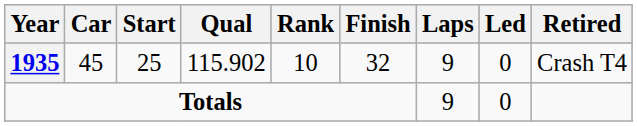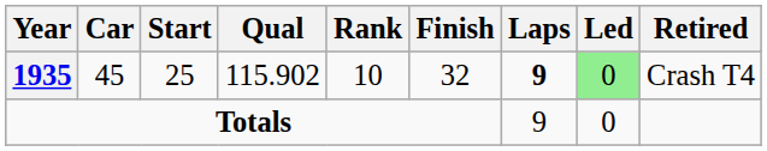 <table class="wikitable" style="text-align:center">
 <tr>
 <th>Year</th>
 <th>Car</th>
 <th>Start</th>
 <th>Qual</th>
 <th>Rank</th>
 <th>Finish</th>
 <th>Laps</th>
 <th>Led</th>
 <th>Retired</th>
 </tr>
 <tr>
 <th><a href='#'>1935</a></th>
 <td>45</td>
 <td>25</td>
 <td>115.902</td>
 <td>10</td>
 <td>32</td>
-<td>9</td>
-<td>0</td>
+<td><strong>9</strong></td>
+<td style="background: lightgreen;">0</td>
 <td>Crash T4</td>
 </tr>
 <tr>
 <td colspan=6><strong>Totals</strong></td>
 <td>9</td>
 <td>0</td>
 <td></td>
 </tr>
 </table>
